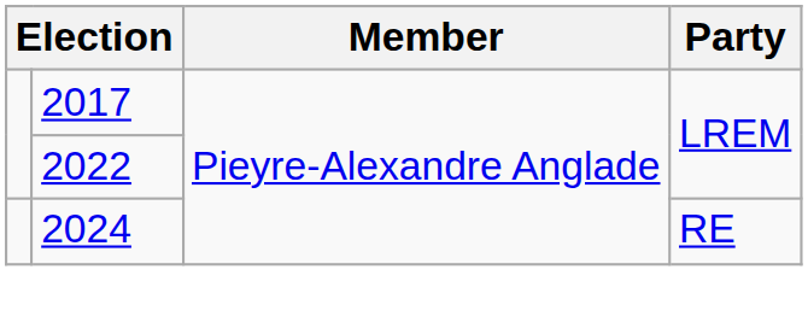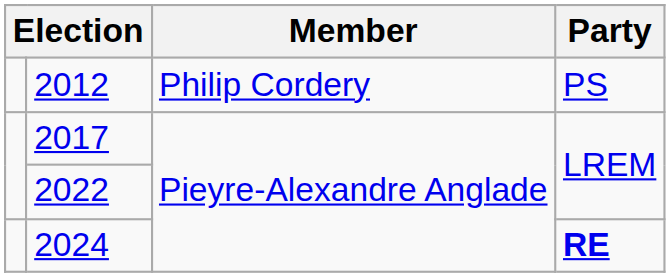 <table class="wikitable">
 <tr>
 <th colspan="2">Election</th>
 <th>Member</th>
 <th>Party</th>
+</tr>
+<tr>
+<td style="color:inherit;background-color: "></td>
+<td><a href='#'>2012</a></td>
+<td><a href='#'>Philip Cordery</a></td>
+<td><a href='#'>PS</a></td>
 </tr>
 <tr>
 <td rowspan="2" style="color:inherit;background-color: "></td>
 <td><a href='#'>2017</a></td>
 <td rowspan="3"><a href='#'>Pieyre-Alexandre Anglade</a></td>
 <td rowspan="2"><a href='#'>LREM</a></td>
 </tr>
 <tr>
 <td><a href='#'>2022</a></td>
 </tr>
 <tr>
 <td style="color:inherit;background-color: "></td>
 <td><a href='#'>2024</a></td>
-<td><a href='#'>RE</a></td>
+<td><strong><a href='#'>RE</a></strong></td>
 </tr>
 </table>
